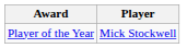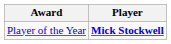 <table class="wikitable" style="text-align:center">
 <tr>
 <th width=0%>Award</th>
 <th width=0%>Player</th>
 </tr>
 <tr>
 <td><a href='#'>Player of the Year</a></td>
-<td> <a href='#'>Mick Stockwell</a></td>
+<td><strong> <a href='#'>Mick Stockwell</a></strong></td>
 </tr>
 </table>
